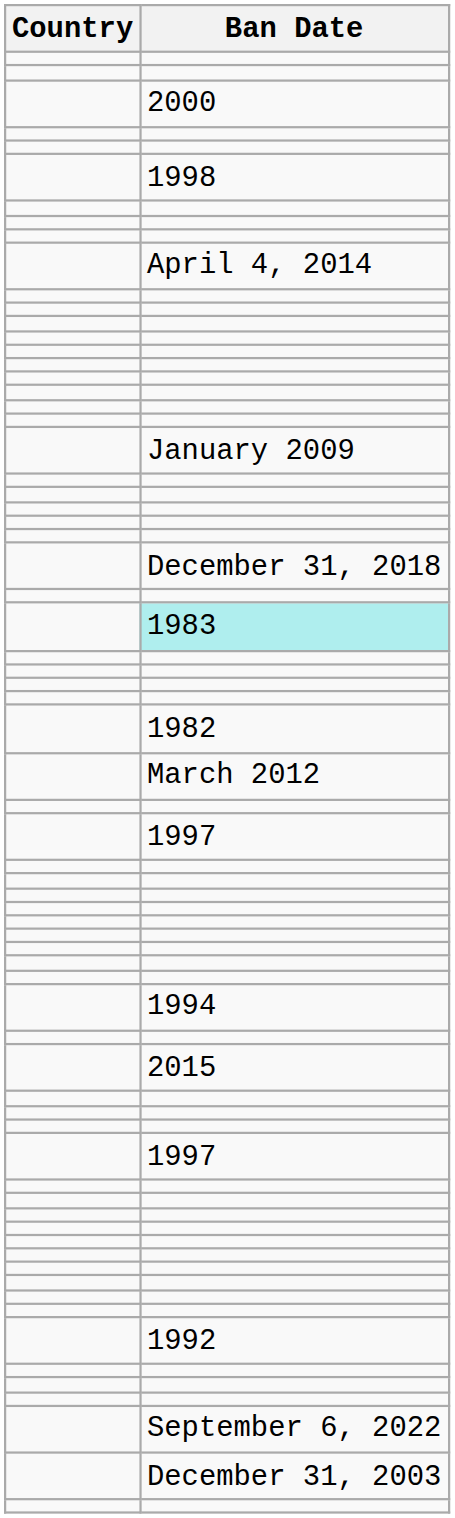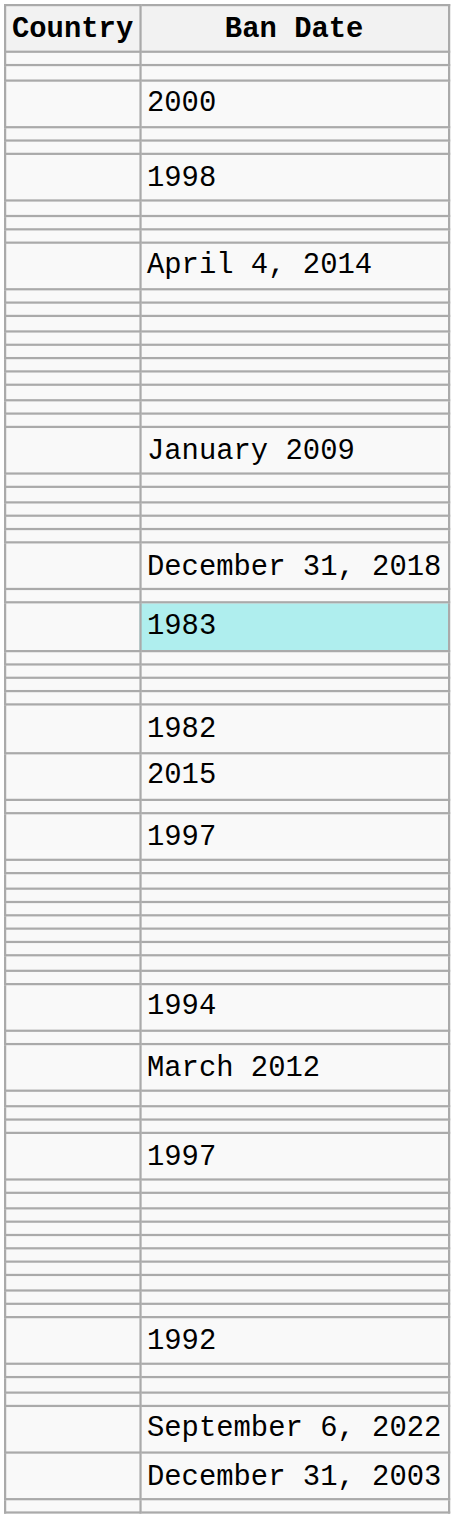 <table class="wikitable sortable">
 <tr>
 <th>Country</th>
 <th>Ban Date</th>
 </tr>
 <tr>
 <td></td>
 <td></td>
 </tr>
 <tr>
 <td></td>
 <td></td>
 </tr>
 <tr>
 <td></td>
 <td>2000</td>
 </tr>
 <tr>
 <td></td>
 <td></td>
 </tr>
 <tr>
 <td></td>
 <td></td>
 </tr>
 <tr>
 <td></td>
 <td>1998</td>
 </tr>
 <tr>
 <td></td>
 <td></td>
 </tr>
 <tr>
 <td></td>
 <td></td>
 </tr>
 <tr>
 <td></td>
 <td></td>
 </tr>
 <tr>
 <td></td>
 <td>April 4, 2014</td>
 </tr>
 <tr>
 <td></td>
 <td></td>
 </tr>
 <tr>
 <td></td>
 <td></td>
 </tr>
 <tr>
 <td></td>
 <td></td>
 </tr>
 <tr>
 <td></td>
 <td></td>
 </tr>
 <tr>
 <td></td>
 <td></td>
 </tr>
 <tr>
 <td></td>
 <td></td>
 </tr>
 <tr>
 <td></td>
 <td></td>
 </tr>
 <tr>
 <td></td>
 <td></td>
 </tr>
 <tr>
 <td></td>
 <td></td>
 </tr>
 <tr>
 <td></td>
 <td></td>
 </tr>
 <tr>
 <td></td>
 <td>January 2009</td>
 </tr>
 <tr>
 <td></td>
 <td></td>
 </tr>
 <tr>
 <td></td>
 <td></td>
 </tr>
 <tr>
 <td></td>
 <td></td>
 </tr>
 <tr>
 <td></td>
 <td></td>
 </tr>
 <tr>
 <td></td>
 <td></td>
 </tr>
 <tr>
 <td></td>
 <td>December 31, 2018</td>
 </tr>
 <tr>
 <td></td>
 <td></td>
 </tr>
 <tr>
 <td></td>
 <td style="background: paleturquoise;">1983</td>
 </tr>
 <tr>
 <td></td>
 <td></td>
 </tr>
 <tr>
 <td></td>
 <td></td>
 </tr>
 <tr>
 <td></td>
 <td></td>
 </tr>
 <tr>
 <td></td>
 <td></td>
 </tr>
 <tr>
 <td></td>
 <td>1982</td>
 </tr>
 <tr>
 <td></td>
-<td>March 2012</td>
+<td>2015</td>
 </tr>
 <tr>
 <td></td>
 <td></td>
 </tr>
 <tr>
 <td></td>
 <td>1997</td>
 </tr>
 <tr>
 <td></td>
 <td></td>
 </tr>
 <tr>
 <td></td>
 <td></td>
 </tr>
 <tr>
 <td></td>
 <td></td>
 </tr>
 <tr>
 <td></td>
 <td></td>
 </tr>
 <tr>
 <td></td>
 <td></td>
 </tr>
 <tr>
 <td></td>
 <td></td>
 </tr>
 <tr>
 <td></td>
 <td></td>
 </tr>
 <tr>
 <td></td>
 <td></td>
 </tr>
 <tr>
 <td></td>
 <td></td>
 </tr>
 <tr>
 <td></td>
 <td>1994</td>
 </tr>
 <tr>
 <td></td>
 <td></td>
 </tr>
 <tr>
 <td></td>
-<td>2015</td>
+<td>March 2012</td>
 </tr>
 <tr>
 <td></td>
 <td></td>
 </tr>
 <tr>
 <td></td>
 <td></td>
 </tr>
 <tr>
 <td></td>
 <td></td>
 </tr>
 <tr>
 <td></td>
 <td>1997</td>
 </tr>
 <tr>
 <td></td>
 <td></td>
 </tr>
 <tr>
 <td></td>
 <td></td>
 </tr>
 <tr>
 <td></td>
 <td></td>
 </tr>
 <tr>
 <td></td>
 <td></td>
 </tr>
 <tr>
 <td></td>
 <td></td>
 </tr>
 <tr>
 <td></td>
 <td></td>
 </tr>
 <tr>
 <td></td>
 <td></td>
 </tr>
 <tr>
 <td></td>
 <td></td>
 </tr>
 <tr>
 <td></td>
 <td></td>
 </tr>
 <tr>
 <td></td>
 <td></td>
 </tr>
 <tr>
 <td></td>
 <td>1992</td>
 </tr>
 <tr>
 <td></td>
 <td></td>
 </tr>
 <tr>
 <td></td>
 <td></td>
 </tr>
 <tr>
 <td></td>
 <td></td>
 </tr>
 <tr>
 <td></td>
 <td>September 6, 2022</td>
 </tr>
 <tr>
 <td></td>
 <td>December 31, 2003</td>
 </tr>
 <tr>
 <td></td>
 <td></td>
 </tr>
 </table>
